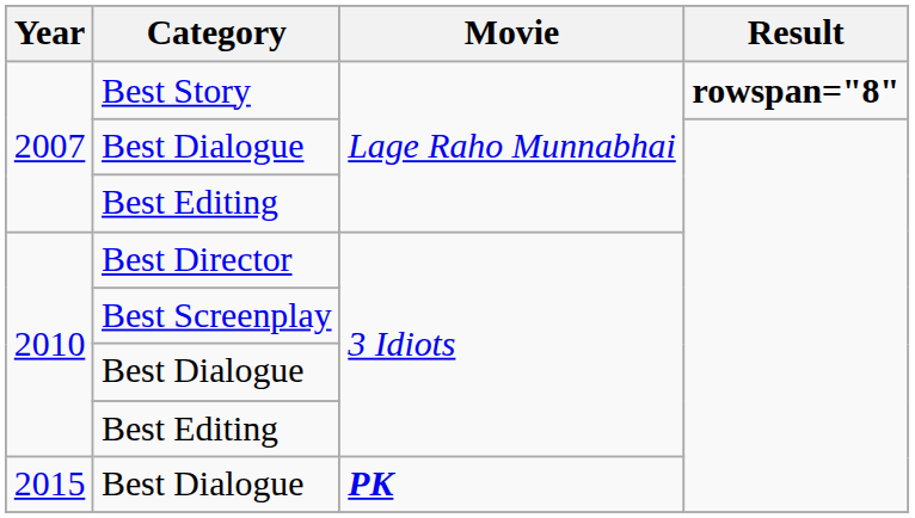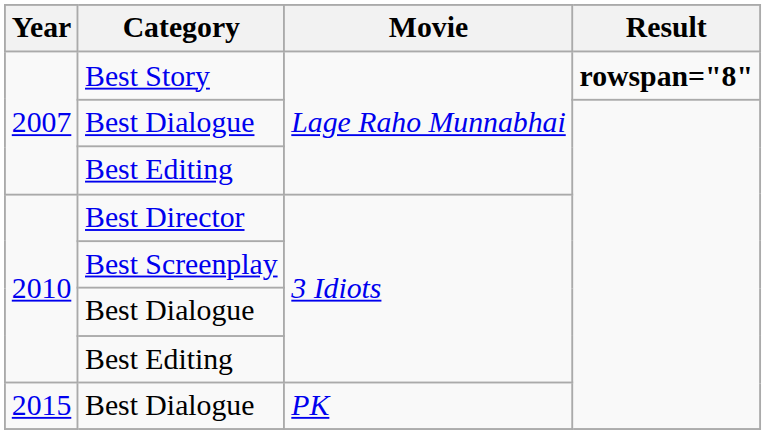 <table class="wikitable">
 <tr>
 <th>Year</th>
 <th>Category</th>
 <th>Movie</th>
 <th>Result</th>
 </tr>
 <tr>
 <td rowspan="3"><a href='#'>2007</a></td>
 <td><a href='#'>Best Story</a></td>
 <td rowspan="3"><em><a href='#'>Lage Raho Munnabhai</a></em></td>
 <td><strong>rowspan="8"</strong></td>
 </tr>
 <tr>
 <td><a href='#'>Best Dialogue</a></td>
 </tr>
 <tr>
 <td><a href='#'>Best Editing</a></td>
 </tr>
 <tr>
 <td rowspan="4"><a href='#'>2010</a></td>
 <td><a href='#'>Best Director</a></td>
 <td rowspan="4"><em><a href='#'>3 Idiots</a></em></td>
 </tr>
 <tr>
 <td><a href='#'>Best Screenplay</a></td>
 </tr>
 <tr>
 <td>Best Dialogue</td>
 </tr>
 <tr>
 <td>Best Editing</td>
 </tr>
 <tr>
 <td><a href='#'>2015</a></td>
 <td>Best Dialogue</td>
-<td><strong><em><a href='#'>PK</a></em></strong></td>
+<td><em><a href='#'>PK</a></em></td>
 </tr>
 </table>
